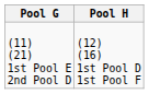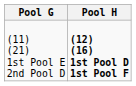 <table class="wikitable">
 <tr>
 <th width=50%>Pool G</th>
 <th width=50%>Pool H</th>
 </tr>
 <tr>
 <td><br> (11)<br>  (21)<br> 1st Pool E<br> 2nd Pool D</td>
-<td><br> (12)<br>  (16)<br> 1st Pool D<br> 1st Pool F</td>
+<td><strong><br> (12)<br>  (16)<br> 1st Pool D<br> 1st Pool F</strong></td>
 </tr>
 </table>
